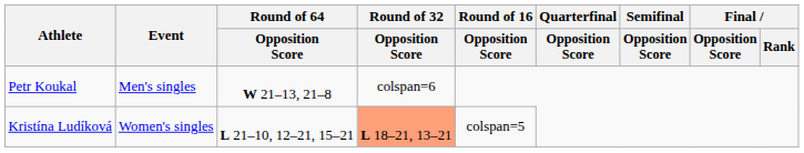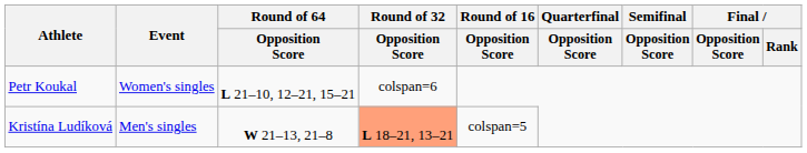 <table class=wikitable style="font-size:90%">
 <tr>
 <th rowspan="2">Athlete</th>
 <th rowspan="2">Event</th>
 <th>Round of 64</th>
 <th>Round of 32</th>
 <th>Round of 16</th>
 <th>Quarterfinal</th>
 <th>Semifinal</th>
 <th colspan=2>Final / </th>
 </tr>
 <tr style="font-size:95%">
 <th>Opposition<br>Score</th>
 <th>Opposition<br>Score</th>
 <th>Opposition<br>Score</th>
 <th>Opposition<br>Score</th>
 <th>Opposition<br>Score</th>
 <th>Opposition<br>Score</th>
 <th>Rank</th>
 </tr>
 <tr align=center>
 <td align=left><a href='#'>Petr Koukal</a></td>
-<td align=left><a href='#'>Men's singles</a></td>
-<td><br><strong>W</strong> 21–13, 21–8</td>
+<td align=left><a href='#'>Women's singles</a></td>
+<td><br><strong>L</strong> 21–10, 12–21, 15–21</td>
 <td>colspan=6 </td>
 </tr>
 <tr align=center>
 <td align=left><a href='#'>Kristína Ludíková</a></td>
-<td align=left><a href='#'>Women's singles</a></td>
-<td><br><strong>L</strong> 21–10, 12–21, 15–21</td>
+<td align=left><a href='#'>Men's singles</a></td>
+<td><br><strong>W</strong> 21–13, 21–8</td>
 <td style="background: lightsalmon;"><br><strong>L</strong> 18–21, 13–21</td>
 <td>colspan=5 </td>
 </tr>
 </table>
